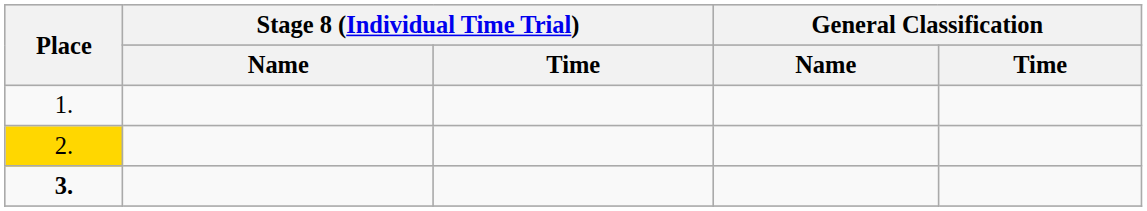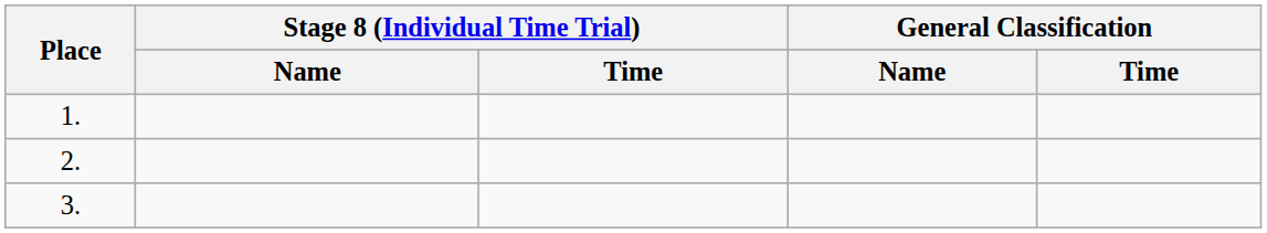 <table class=wikitable style="font-size:95%" width="80%">
 <tr>
 <th rowspan="2">Place</th>
 <th colspan="2">Stage 8 (<a href='#'>Individual Time Trial</a>)</th>
 <th colspan="2">General Classification</th>
 </tr>
 <tr>
 <th>Name</th>
 <th>Time</th>
 <th>Name</th>
 <th>Time</th>
 </tr>
 <tr>
 <td align="center">1.</td>
 <td></td>
 <td></td>
 <td></td>
 <td></td>
 </tr>
 <tr>
-<td align="center" style="background: gold;">2.</td>
+<td align="center">2.</td>
 <td></td>
 <td></td>
 <td></td>
 <td></td>
 </tr>
 <tr>
-<td align="center"><strong>3.</strong></td>
+<td align="center">3.</td>
 <td></td>
 <td></td>
 <td></td>
 <td></td>
 </tr>
 </table>
